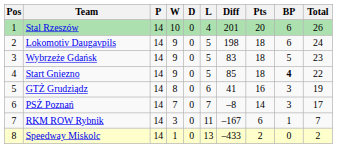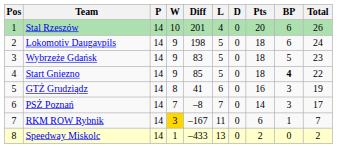 <table class="wikitable" style="font-size: 100%">
 <tr>
 <th width=20>Pos</th>
 <th width=200>Team</th>
 <th width=20>P</th>
 <th width=20>W</th>
+<th width=40>Diff</th>
+<th width=20>L</th>
 <th width=20>D</th>
-<th width=20>L</th>
-<th width=40>Diff</th>
 <th width=40>Pts</th>
 <th width=40>BP</th>
 <th width=40>Total</th>
 </tr>
 <tr align=center style="background:#ACE1AF;">
 <td>1</td>
 <td align="left"><a href='#'>Stal Rzeszów</a></td>
 <td>14</td>
 <td>10</td>
+<td>201</td>
+<td>4</td>
 <td>0</td>
-<td>4</td>
-<td>201</td>
 <td>20</td>
 <td>6</td>
 <td>26</td>
 </tr>
 <tr align=center>
 <td>2</td>
 <td align="left"><a href='#'>Lokomotiv Daugavpils</a>	</td>
 <td>14</td>
 <td>9</td>
+<td>198</td>
+<td>5</td>
 <td>0</td>
-<td>5</td>
-<td>198</td>
 <td>18</td>
 <td>6</td>
 <td>24</td>
 </tr>
 <tr align=center>
 <td>3</td>
 <td align="left"><a href='#'>Wybrzeże Gdańsk</a></td>
 <td>14</td>
 <td>9</td>
+<td>83</td>
+<td>5</td>
 <td>0</td>
-<td>5</td>
-<td>83</td>
 <td>18</td>
 <td>5</td>
 <td>23</td>
 </tr>
 <tr align=center>
 <td>4</td>
 <td align="left"><a href='#'>Start Gniezno</a></td>
 <td>14</td>
 <td>9</td>
+<td>85</td>
+<td>5</td>
 <td>0</td>
-<td>5</td>
-<td>85</td>
 <td>18</td>
 <td><strong>4</strong></td>
 <td>22</td>
 </tr>
 <tr align=center>
 <td>5</td>
 <td align="left"><a href='#'>GTŻ Grudziądz</a></td>
 <td>14</td>
 <td>8</td>
+<td>41</td>
+<td>6</td>
 <td>0</td>
-<td>6</td>
-<td>41</td>
 <td>16</td>
 <td>3</td>
 <td>19</td>
 </tr>
 <tr align=center>
 <td>6</td>
 <td align="left"><a href='#'>PSŻ Poznań</a></td>
 <td>14</td>
 <td>7</td>
+<td>–8</td>
+<td>7</td>
 <td>0</td>
-<td>7</td>
-<td>–8</td>
 <td>14</td>
 <td>3</td>
 <td>17</td>
 </tr>
 <tr align=center>
 <td>7</td>
 <td align="left"><a href='#'>RKM ROW Rybnik</a></td>
 <td>14</td>
-<td>3</td>
+<td style="background: gold;">3</td>
+<td>–167</td>
+<td>11</td>
 <td>0</td>
-<td>11</td>
-<td>–167</td>
 <td>6</td>
 <td>1</td>
 <td>7</td>
 </tr>
 <tr align=center style="background: #ffffcc;">
 <td>8</td>
 <td align="left"><a href='#'>Speedway Miskolc</a>	</td>
 <td>14</td>
 <td>1</td>
+<td>–433</td>
+<td>13</td>
 <td>0</td>
-<td>13</td>
-<td>–433</td>
 <td>2</td>
 <td>0</td>
 <td>2</td>
 </tr>
 </table>
